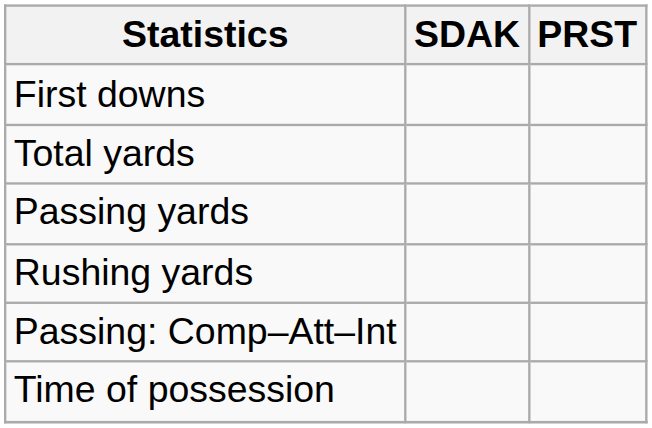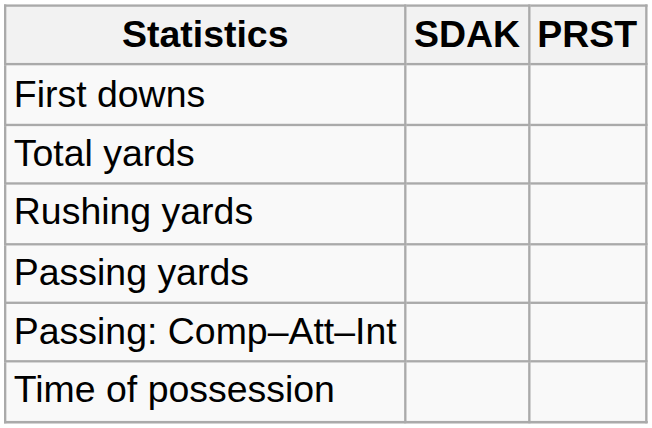 <table class="wikitable" style="float: left;">
 <tr>
 <th>Statistics</th>
 <th>SDAK</th>
 <th>PRST</th>
 </tr>
 <tr>
 <td>First downs</td>
 <td></td>
 <td></td>
 </tr>
 <tr>
 <td>Total yards</td>
 <td></td>
 <td></td>
 </tr>
 <tr>
-<td>Passing yards</td>
+<td>Rushing yards</td>
 <td></td>
 <td></td>
 </tr>
 <tr>
-<td>Rushing yards</td>
+<td>Passing yards</td>
 <td></td>
 <td></td>
 </tr>
 <tr>
 <td>Passing: Comp–Att–Int</td>
 <td></td>
 <td></td>
 </tr>
 <tr>
 <td>Time of possession</td>
 <td></td>
 <td></td>
 </tr>
 <tr>
 </tr>
 </table>
